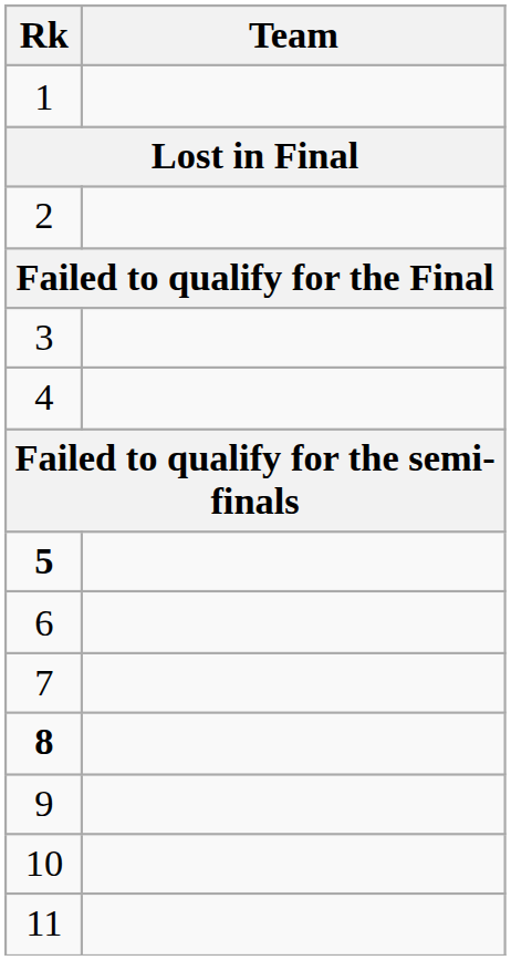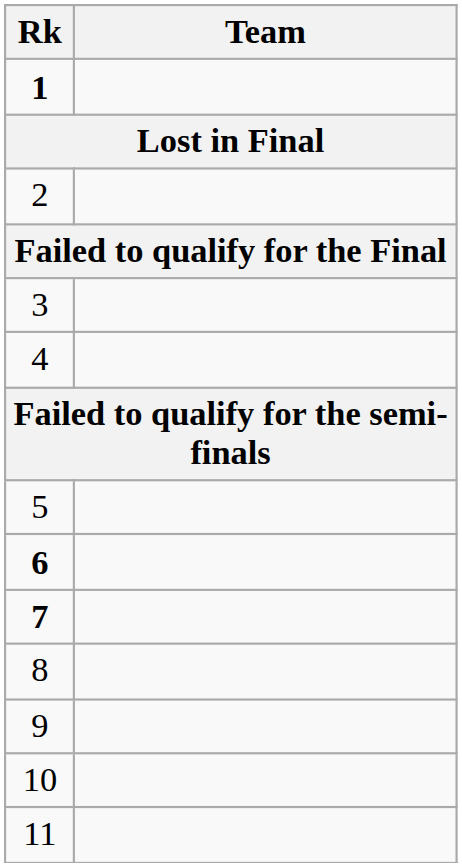 <table class=wikitable style=text-align:center>
 <tr>
 <th width=25>Rk</th>
 <th width=170>Team</th>
 </tr>
 <tr>
-<td>1</td>
+<td><strong>1</strong></td>
 <td align=left></td>
 </tr>
 <tr>
 <th colspan="6">Lost in Final</th>
 </tr>
 <tr>
 <td>2</td>
 <td align=left></td>
 </tr>
 <tr>
 <th colspan="6">Failed to qualify for the Final</th>
 </tr>
 <tr>
 <td>3</td>
 <td align=left></td>
 </tr>
 <tr>
 <td>4</td>
 <td align=left></td>
 </tr>
 <tr>
 <th colspan="6">Failed to qualify for the semi-finals</th>
 </tr>
 <tr>
-<td><strong>5</strong></td>
+<td>5</td>
 <td align=left></td>
 </tr>
 <tr>
-<td>6</td>
+<td><strong>6</strong></td>
 <td align=left></td>
 </tr>
 <tr>
-<td>7</td>
+<td><strong>7</strong></td>
 <td align=left></td>
 </tr>
 <tr>
-<td><strong>8</strong></td>
+<td>8</td>
 <td align=left></td>
 </tr>
 <tr>
 <td>9</td>
 <td align=left></td>
 </tr>
 <tr>
 <td>10</td>
 <td align=left></td>
 </tr>
 <tr>
 <td>11</td>
 <td align=left></td>
 </tr>
 </table>
